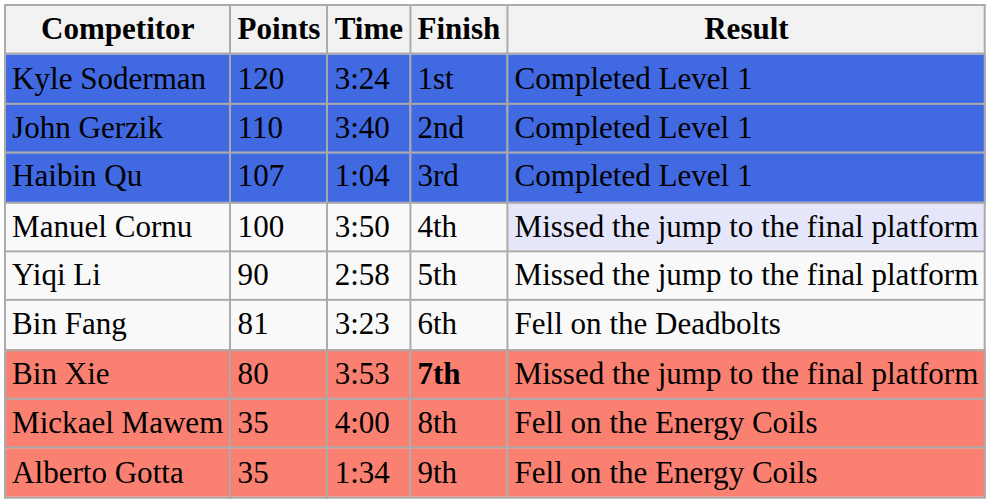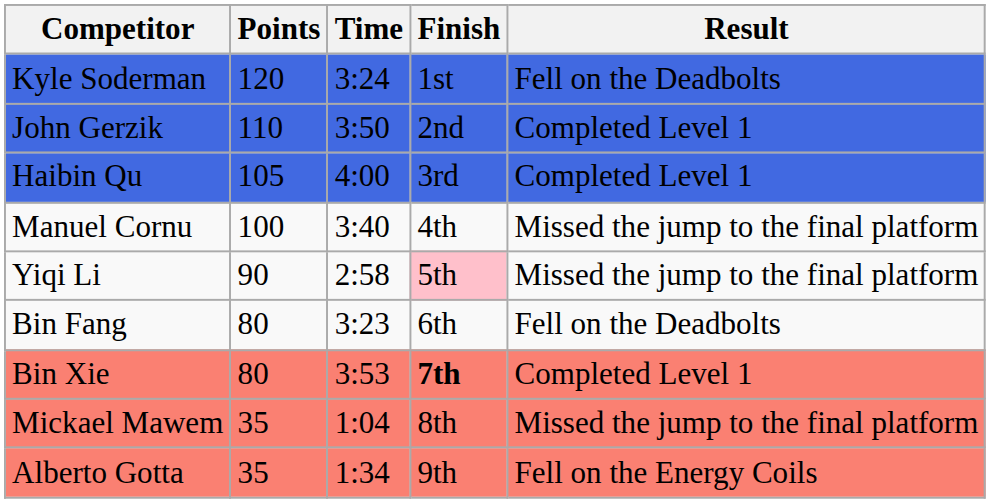 <table class="wikitable sortable">
 <tr>
 <th nowrap="nowrap">Competitor</th>
 <th>Points</th>
 <th>Time</th>
 <th>Finish</th>
 <th>Result</th>
 </tr>
 <tr style="background:royalblue;">
 <td>Kyle Soderman</td>
 <td>120</td>
 <td>3:24</td>
 <td>1st</td>
-<td>Completed Level 1</td>
+<td>Fell on the Deadbolts</td>
 </tr>
 <tr style="background:royalblue;">
 <td>John Gerzik</td>
 <td>110</td>
-<td>3:40</td>
+<td>3:50</td>
 <td>2nd</td>
 <td>Completed Level 1</td>
 </tr>
 <tr style="background:royalblue;">
 <td> Haibin Qu</td>
-<td>107</td>
-<td>1:04</td>
+<td>105</td>
+<td>4:00</td>
 <td>3rd</td>
 <td>Completed Level 1</td>
 </tr>
 <tr>
 <td> Manuel Cornu</td>
 <td>100</td>
-<td>3:50</td>
+<td>3:40</td>
 <td>4th</td>
-<td style="background: lavender;">Missed the jump to the final platform</td>
+<td>Missed the jump to the final platform</td>
 </tr>
 <tr>
 <td> Yiqi Li</td>
 <td>90</td>
 <td>2:58</td>
-<td>5th</td>
+<td style="background: pink;">5th</td>
 <td>Missed the jump to the final platform</td>
 </tr>
 <tr>
 <td> Bin Fang</td>
-<td>81</td>
+<td>80</td>
 <td>3:23</td>
 <td>6th</td>
 <td>Fell on the Deadbolts</td>
 </tr>
 <tr style="background-color:#fa8072;">
 <td> Bin Xie</td>
 <td>80</td>
 <td>3:53</td>
 <td><strong>7th</strong></td>
-<td>Missed the jump to the final platform</td>
+<td>Completed Level 1</td>
 </tr>
 <tr style="background-color:#fa8072;">
 <td> Mickael Mawem</td>
 <td>35</td>
-<td>4:00</td>
+<td>1:04</td>
 <td>8th</td>
-<td>Fell on the Energy Coils</td>
+<td>Missed the jump to the final platform</td>
 </tr>
 <tr style="background-color:#fa8072">
 <td> Alberto Gotta</td>
 <td>35</td>
 <td>1:34</td>
 <td>9th</td>
 <td>Fell on the Energy Coils</td>
 </tr>
 </table>
